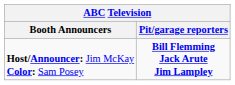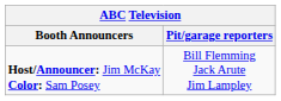 <table class="wikitable" style="font-size: 95%;">
 <tr>
 <th colspan=2><a href='#'>ABC</a> <a href='#'>Television</a></th>
 </tr>
 <tr>
 <th>Booth Announcers</th>
 <th><a href='#'>Pit/garage reporters</a></th>
 </tr>
 <tr>
 <td valign="top"><br><strong>Host/<a href='#'>Announcer</a>:</strong> <a href='#'>Jim McKay</a><br> <strong><a href='#'>Color</a>:</strong> <a href='#'>Sam Posey</a><br></td>
-<td align="center" valign="top"><strong><a href='#'>Bill Flemming</a><br><a href='#'>Jack Arute</a><br><a href='#'>Jim Lampley</a><br></strong></td>
+<td align="center" valign="top"><a href='#'>Bill Flemming</a><br><a href='#'>Jack Arute</a><br><a href='#'>Jim Lampley</a><br></td>
 </tr>
 </table>
